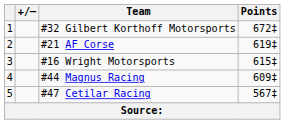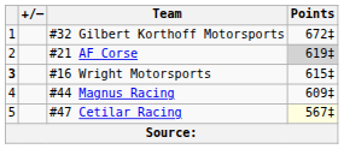 <table class="wikitable" style="font-size: 95%;">
 <tr>
 <th scope="col"></th>
 <th scope="col">+/–</th>
 <th scope="col">Team</th>
 <th scope="col">Points</th>
 </tr>
 <tr>
 <td align=center>1</td>
 <td align="left"></td>
 <td> #32 Gilbert Korthoff Motorsports</td>
 <td align=right>672‡</td>
 </tr>
 <tr>
 <td align=center>2</td>
 <td align="left"></td>
 <td> #21 <a href='#'>AF Corse</a></td>
-<td align=right>619‡</td>
+<td align=right style="background: lightgrey;">619‡</td>
 </tr>
 <tr>
-<td align=center>3</td>
+<td align=center><strong>3</strong></td>
 <td align="left"></td>
 <td> #16 Wright Motorsports</td>
 <td align=right>615‡</td>
 </tr>
 <tr>
 <td align=center>4</td>
 <td align="left"></td>
 <td> #44 <a href='#'>Magnus Racing</a></td>
 <td align=right>609‡</td>
 </tr>
 <tr>
 <td align=center>5</td>
 <td align="left"></td>
 <td> #47 <a href='#'>Cetilar Racing</a></td>
-<td align=right>567‡</td>
+<td align=right style="background: lightyellow;">567‡</td>
 </tr>
 <tr>
 <th colspan=5>Source:</th>
 </tr>
 </table>
